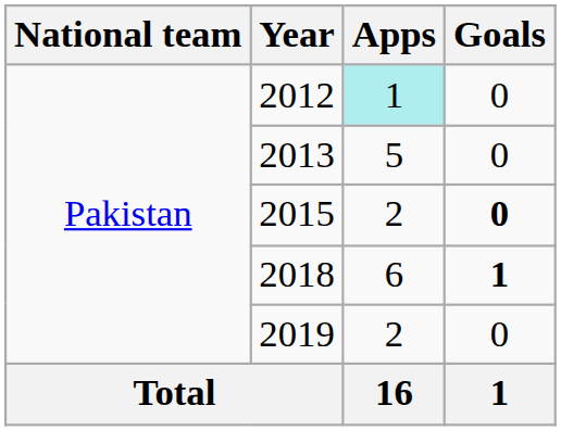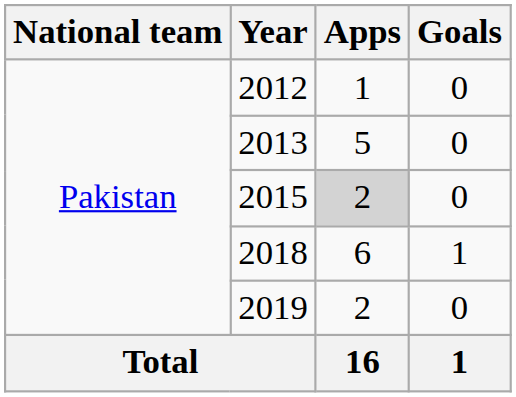 <table class="wikitable" style="text-align:center">
 <tr>
 <th>National team</th>
 <th>Year</th>
 <th>Apps</th>
 <th>Goals</th>
 </tr>
 <tr>
 <td rowspan="5"><a href='#'>Pakistan</a></td>
 <td>2012</td>
-<td style="background: paleturquoise;">1</td>
+<td>1</td>
 <td>0</td>
 </tr>
 <tr>
 <td>2013</td>
 <td>5</td>
 <td>0</td>
 </tr>
 <tr>
 <td>2015</td>
-<td>2</td>
-<td><strong>0</strong></td>
+<td style="background: lightgrey;">2</td>
+<td>0</td>
 </tr>
 <tr>
 <td>2018</td>
 <td>6</td>
-<td><strong>1</strong></td>
+<td>1</td>
 </tr>
 <tr>
 <td>2019</td>
 <td>2</td>
 <td>0</td>
 </tr>
 <tr>
 <th colspan="2">Total</th>
 <th>16</th>
 <th>1</th>
 </tr>
 </table>
